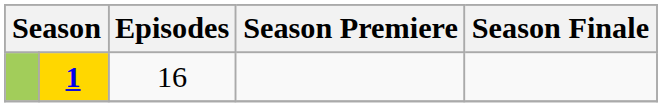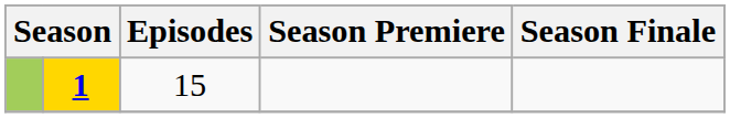 <table class="wikitable">
 <tr>
 <th colspan="2">Season</th>
 <th>Episodes</th>
 <th>Season Premiere</th>
 <th>Season Finale</th>
 </tr>
 <tr>
 <td style="background:#A2CD5A; height:5px;"></td>
 <td style="background: gold; text-align:center;"><strong><a href='#'>1</a></strong></td>
-<td style="text-align:center;">16</td>
+<td style="text-align:center;">15</td>
 <td style="text-align:center;"></td>
 <td style="text-align:center;"></td>
 </tr>
 <tr>
 </tr>
 </table>
